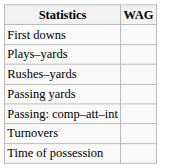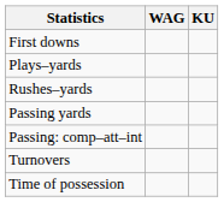 <table class="wikitable" style="float:left">
 <tr>
 <th>Statistics</th>
 <th>WAG</th>
+<th>KU</th>
 </tr>
 <tr>
 <td>First downs</td>
+<td></td>
 <td></td>
 </tr>
 <tr>
 <td>Plays–yards</td>
 <td></td>
+<td></td>
 </tr>
 <tr>
 <td>Rushes–yards</td>
+<td></td>
 <td></td>
 </tr>
 <tr>
 <td>Passing yards</td>
 <td></td>
+<td></td>
 </tr>
 <tr>
 <td>Passing: comp–att–int</td>
+<td></td>
 <td></td>
 </tr>
 <tr>
 <td>Turnovers</td>
 <td></td>
+<td></td>
 </tr>
 <tr>
 <td>Time of possession</td>
 <td></td>
+<td></td>
 </tr>
 </table>
